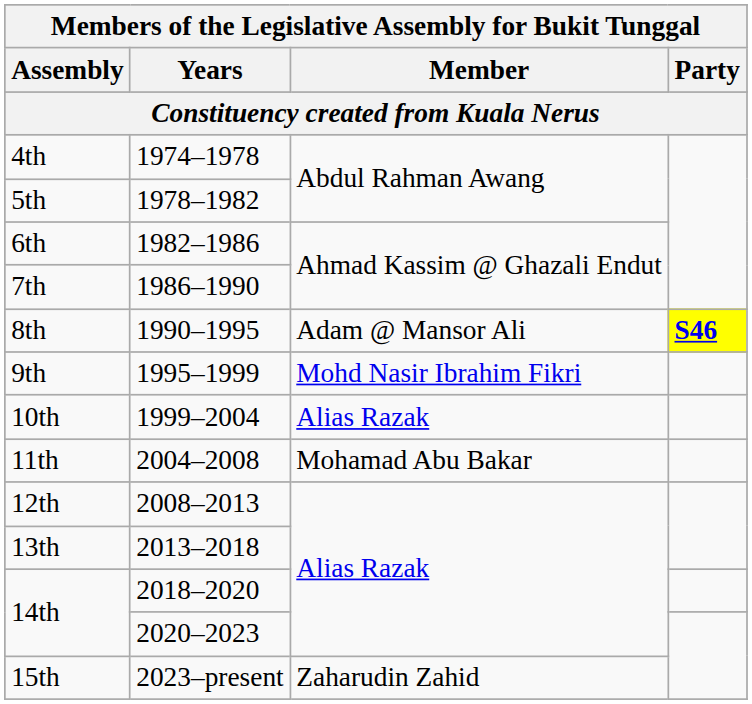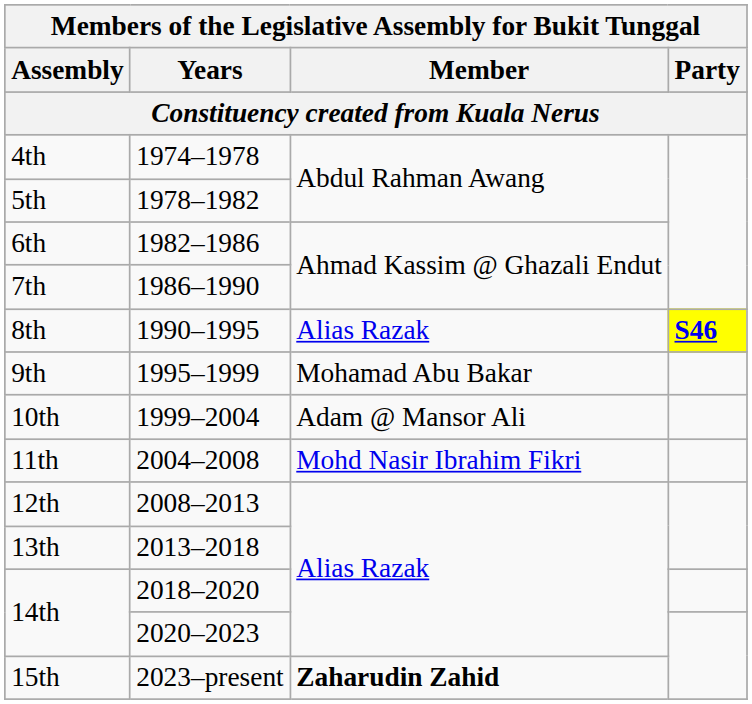 <table class=wikitable>
 <tr>
 <th colspan=4>Members of the Legislative Assembly for Bukit Tunggal</th>
 </tr>
 <tr>
 <th>Assembly</th>
 <th>Years</th>
 <th>Member</th>
 <th>Party</th>
 </tr>
 <tr>
 <th colspan=4 align=center><em>Constituency created from Kuala Nerus</em></th>
 </tr>
 <tr>
 <td>4th</td>
 <td>1974–1978</td>
 <td rowspan=2>Abdul Rahman Awang</td>
 <td rowspan=4></td>
 </tr>
 <tr>
 <td>5th</td>
 <td>1978–1982</td>
 </tr>
 <tr>
 <td>6th</td>
 <td>1982–1986</td>
 <td rowspan="2">Ahmad Kassim @ Ghazali Endut</td>
 </tr>
 <tr>
 <td>7th</td>
 <td>1986–1990</td>
 </tr>
 <tr>
 <td>8th</td>
 <td>1990–1995</td>
-<td>Adam @ Mansor Ali</td>
+<td><a href='#'>Alias Razak</a></td>
 <td bgcolor="yellow"><strong><a href='#'>S46</a></strong></td>
 </tr>
 <tr>
 <td>9th</td>
 <td>1995–1999</td>
-<td><a href='#'>Mohd Nasir Ibrahim Fikri</a></td>
+<td>Mohamad Abu Bakar</td>
 <td></td>
 </tr>
 <tr>
 <td>10th</td>
 <td>1999–2004</td>
-<td><a href='#'>Alias Razak</a></td>
+<td>Adam @ Mansor Ali</td>
 <td></td>
 </tr>
 <tr>
 <td>11th</td>
 <td>2004–2008</td>
-<td>Mohamad Abu Bakar</td>
+<td><a href='#'>Mohd Nasir Ibrahim Fikri</a></td>
 <td></td>
 </tr>
 <tr>
 <td>12th</td>
 <td>2008–2013</td>
 <td rowspan=4><a href='#'>Alias Razak</a></td>
 <td rowspan=2></td>
 </tr>
 <tr>
 <td>13th</td>
 <td>2013–2018</td>
 </tr>
 <tr>
 <td rowspan=2>14th</td>
 <td>2018–2020</td>
 <td></td>
 </tr>
 <tr>
 <td>2020–2023</td>
 <td rowspan="2"></td>
 </tr>
 <tr>
 <td>15th</td>
 <td>2023–present</td>
-<td>Zaharudin Zahid</td>
+<td><strong>Zaharudin Zahid</strong></td>
 </tr>
 </table>
